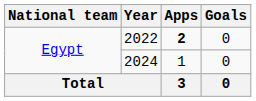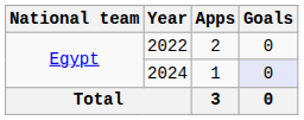 <table class="wikitable" style="text-align:center">
 <tr>
 <th>National team</th>
 <th>Year</th>
 <th>Apps</th>
 <th>Goals</th>
 </tr>
 <tr>
 <td rowspan="2"><a href='#'>Egypt</a></td>
 <td>2022</td>
-<td><strong>2</strong></td>
+<td>2</td>
 <td>0</td>
 </tr>
 <tr>
 <td>2024</td>
 <td>1</td>
-<td>0</td>
+<td style="background: lavender;">0</td>
 </tr>
 <tr>
 <th colspan=2>Total</th>
 <th>3</th>
 <th>0</th>
 </tr>
 </table>
